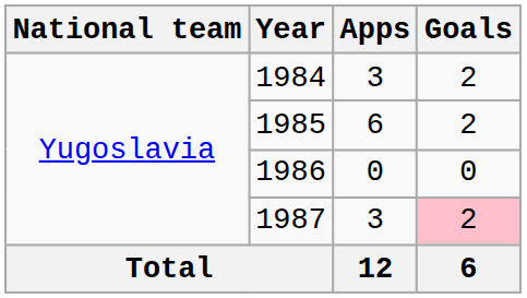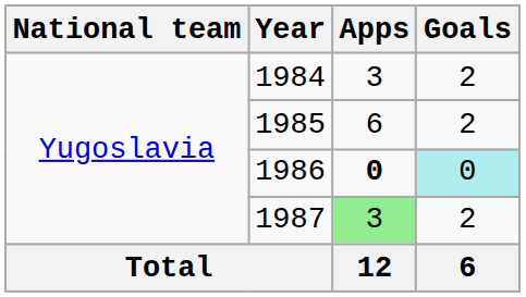 <table class="wikitable" style="text-align:center">
 <tr>
 <th>National team</th>
 <th>Year</th>
 <th>Apps</th>
 <th>Goals</th>
 </tr>
 <tr>
 <td rowspan="4"><a href='#'>Yugoslavia</a></td>
 <td>1984</td>
 <td>3</td>
 <td>2</td>
 </tr>
 <tr>
 <td>1985</td>
 <td>6</td>
 <td>2</td>
 </tr>
 <tr>
 <td>1986</td>
-<td>0</td>
-<td>0</td>
+<td><strong>0</strong></td>
+<td style="background: paleturquoise;">0</td>
 </tr>
 <tr>
 <td>1987</td>
-<td>3</td>
-<td style="background: pink;">2</td>
+<td style="background: lightgreen;">3</td>
+<td>2</td>
 </tr>
 <tr>
 <th colspan="2">Total</th>
 <th>12</th>
 <th>6</th>
 </tr>
 </table>
